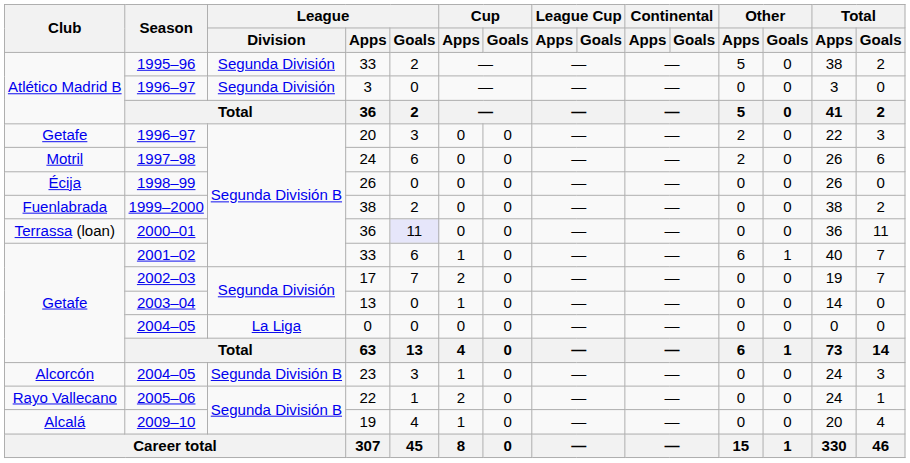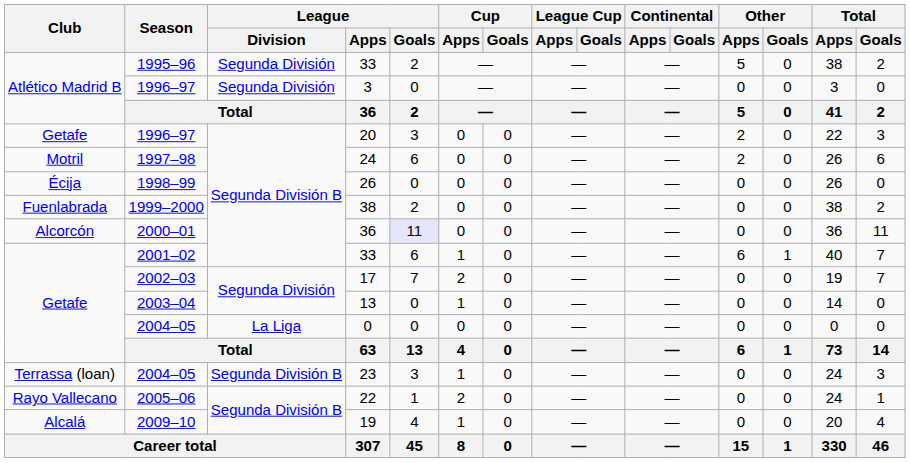 <table class="wikitable" style="text-align:center">
 <tr>
 <th rowspan="2">Club</th>
 <th rowspan="2">Season</th>
 <th colspan="3">League</th>
 <th colspan="2">Cup</th>
 <th colspan="2">League Cup</th>
 <th colspan="2">Continental</th>
 <th colspan="2">Other</th>
 <th colspan="2">Total</th>
 </tr>
 <tr>
 <th>Division</th>
 <th>Apps</th>
 <th>Goals</th>
 <th>Apps</th>
 <th>Goals</th>
 <th>Apps</th>
 <th>Goals</th>
 <th>Apps</th>
 <th>Goals</th>
 <th>Apps</th>
 <th>Goals</th>
 <th>Apps</th>
 <th>Goals</th>
 </tr>
 <tr>
 <td rowspan="3"><a href='#'>Atlético Madrid B</a></td>
 <td><a href='#'>1995–96</a></td>
 <td rowspan="1"><a href='#'>Segunda División</a></td>
 <td>33</td>
 <td>2</td>
 <td colspan="2">—</td>
 <td colspan="2">—</td>
 <td colspan="2">—</td>
 <td>5</td>
 <td>0</td>
 <td>38</td>
 <td>2</td>
 </tr>
 <tr>
 <td><a href='#'>1996–97</a></td>
 <td rowspan="1"><a href='#'>Segunda División</a></td>
 <td>3</td>
 <td>0</td>
 <td colspan="2">—</td>
 <td colspan="2">—</td>
 <td colspan="2">—</td>
 <td>0</td>
 <td>0</td>
 <td>3</td>
 <td>0</td>
 </tr>
 <tr>
 <th colspan="2">Total</th>
 <th>36</th>
 <th>2</th>
 <th colspan="2">—</th>
 <th colspan="2">—</th>
 <th colspan="2">—</th>
 <th>5</th>
 <th>0</th>
 <th>41</th>
 <th>2</th>
 </tr>
 <tr>
 <td rowspan="1"><a href='#'>Getafe</a></td>
 <td><a href='#'>1996–97</a></td>
 <td rowspan="6"><a href='#'>Segunda División B</a></td>
 <td>20</td>
 <td>3</td>
 <td>0</td>
 <td>0</td>
 <td colspan="2">—</td>
 <td colspan="2">—</td>
 <td>2</td>
 <td>0</td>
 <td>22</td>
 <td>3</td>
 </tr>
 <tr>
 <td rowspan="1"><a href='#'>Motril</a></td>
 <td><a href='#'>1997–98</a></td>
 <td>24</td>
 <td>6</td>
 <td>0</td>
 <td>0</td>
 <td colspan="2">—</td>
 <td colspan="2">—</td>
 <td>2</td>
 <td>0</td>
 <td>26</td>
 <td>6</td>
 </tr>
 <tr>
 <td rowspan="1"><a href='#'>Écija</a></td>
 <td><a href='#'>1998–99</a></td>
 <td>26</td>
 <td>0</td>
 <td>0</td>
 <td>0</td>
 <td colspan="2">—</td>
 <td colspan="2">—</td>
 <td>0</td>
 <td>0</td>
 <td>26</td>
 <td>0</td>
 </tr>
 <tr>
 <td rowspan="1"><a href='#'>Fuenlabrada</a></td>
 <td><a href='#'>1999–2000</a></td>
 <td>38</td>
 <td>2</td>
 <td>0</td>
 <td>0</td>
 <td colspan="2">—</td>
 <td colspan="2">—</td>
 <td>0</td>
 <td>0</td>
 <td>38</td>
 <td>2</td>
 </tr>
 <tr>
-<td rowspan="1"><a href='#'>Terrassa</a> (loan)</td>
+<td rowspan="1"><a href='#'>Alcorcón</a></td>
 <td><a href='#'>2000–01</a></td>
 <td>36</td>
 <td style="background: lavender;">11</td>
 <td>0</td>
 <td>0</td>
 <td colspan="2">—</td>
 <td colspan="2">—</td>
 <td>0</td>
 <td>0</td>
 <td>36</td>
 <td>11</td>
 </tr>
 <tr>
 <td rowspan="5"><a href='#'>Getafe</a></td>
 <td><a href='#'>2001–02</a></td>
 <td>33</td>
 <td>6</td>
 <td>1</td>
 <td>0</td>
 <td colspan="2">—</td>
 <td colspan="2">—</td>
 <td>6</td>
 <td>1</td>
 <td>40</td>
 <td>7</td>
 </tr>
 <tr>
 <td><a href='#'>2002–03</a></td>
 <td rowspan="2"><a href='#'>Segunda División</a></td>
 <td>17</td>
 <td>7</td>
 <td>2</td>
 <td>0</td>
 <td colspan="2">—</td>
 <td colspan="2">—</td>
 <td>0</td>
 <td>0</td>
 <td>19</td>
 <td>7</td>
 </tr>
 <tr>
 <td><a href='#'>2003–04</a></td>
 <td>13</td>
 <td>0</td>
 <td>1</td>
 <td>0</td>
 <td colspan="2">—</td>
 <td colspan="2">—</td>
 <td>0</td>
 <td>0</td>
 <td>14</td>
 <td>0</td>
 </tr>
 <tr>
 <td><a href='#'>2004–05</a></td>
 <td rowspan="1"><a href='#'>La Liga</a></td>
 <td>0</td>
 <td>0</td>
 <td>0</td>
 <td>0</td>
 <td colspan="2">—</td>
 <td colspan="2">—</td>
 <td>0</td>
 <td>0</td>
 <td>0</td>
 <td>0</td>
 </tr>
 <tr>
 <th colspan="2">Total</th>
 <th>63</th>
 <th>13</th>
 <th>4</th>
 <th>0</th>
 <th colspan="2">—</th>
 <th colspan="2">—</th>
 <th>6</th>
 <th>1</th>
 <th>73</th>
 <th>14</th>
 </tr>
 <tr>
-<td rowspan="1"><a href='#'>Alcorcón</a></td>
+<td rowspan="1"><a href='#'>Terrassa</a> (loan)</td>
 <td><a href='#'>2004–05</a></td>
 <td rowspan="1"><a href='#'>Segunda División B</a></td>
 <td>23</td>
 <td>3</td>
 <td>1</td>
 <td>0</td>
 <td colspan="2">—</td>
 <td colspan="2">—</td>
 <td>0</td>
 <td>0</td>
 <td>24</td>
 <td>3</td>
 </tr>
 <tr>
 <td rowspan="1"><a href='#'>Rayo Vallecano</a></td>
 <td><a href='#'>2005–06</a></td>
 <td rowspan="2"><a href='#'>Segunda División B</a></td>
 <td>22</td>
 <td>1</td>
 <td>2</td>
 <td>0</td>
 <td colspan="2">—</td>
 <td colspan="2">—</td>
 <td>0</td>
 <td>0</td>
 <td>24</td>
 <td>1</td>
 </tr>
 <tr>
 <td rowspan="1"><a href='#'>Alcalá</a></td>
 <td><a href='#'>2009–10</a></td>
 <td>19</td>
 <td>4</td>
 <td>1</td>
 <td>0</td>
 <td colspan="2">—</td>
 <td colspan="2">—</td>
 <td>0</td>
 <td>0</td>
 <td>20</td>
 <td>4</td>
 </tr>
 <tr>
 <th colspan="3">Career total</th>
 <th>307</th>
 <th>45</th>
 <th>8</th>
 <th>0</th>
 <th colspan="2">—</th>
 <th colspan="2">—</th>
 <th>15</th>
 <th>1</th>
 <th>330</th>
 <th>46</th>
 </tr>
 </table>
